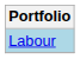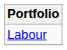 <table class="wikitable">
 <tr>
 <th>Portfolio</th>
 </tr>
 <tr>
-<td style="background: lightblue;"><a href='#'>Labour</a></td>
+<td><a href='#'>Labour</a></td>
 </tr>
 <tr>
 </tr>
 </table>
